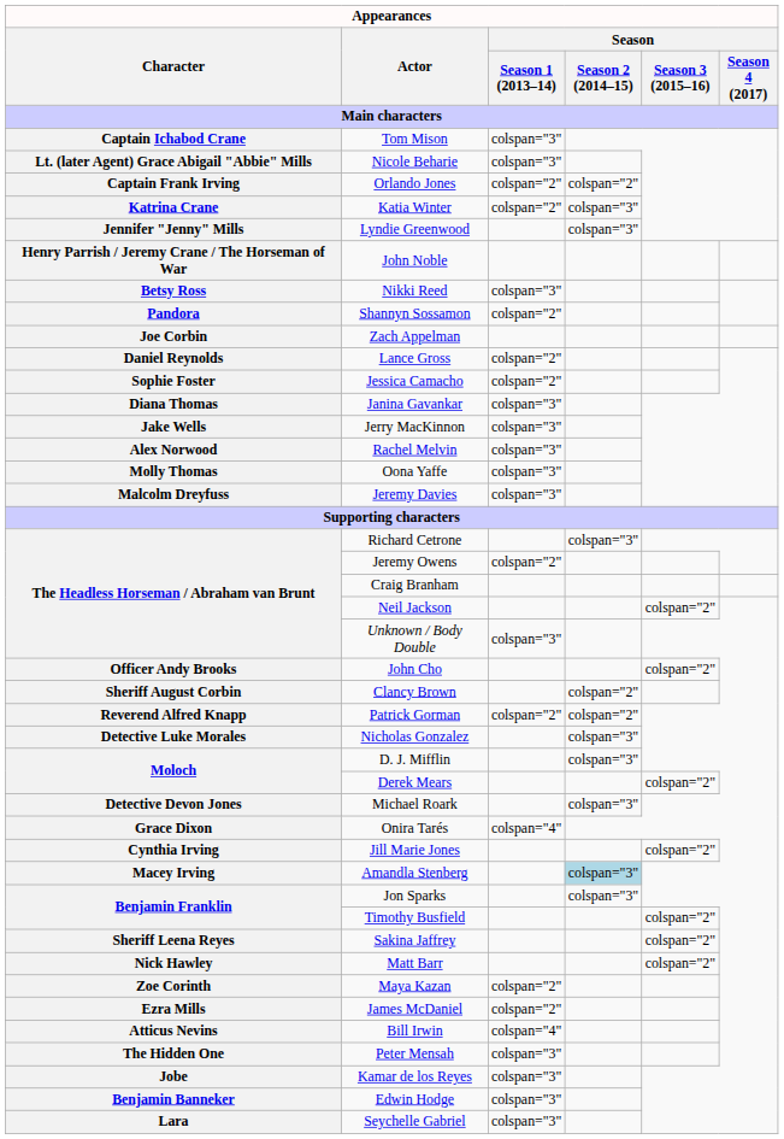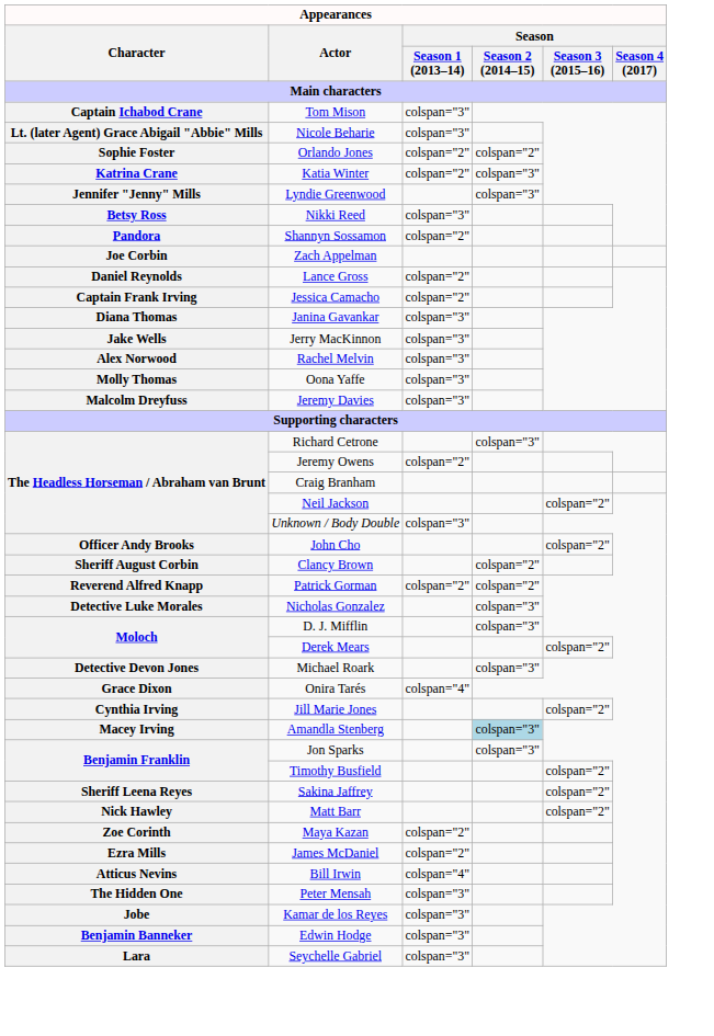 <table class="wikitable collapsible" style="text-align:center;width=100%">
 <tr>
 <th colspan="6" style="background:#FFFAFA;"><strong>Appearances</strong></th>
 </tr>
 <tr>
 <th rowspan="2">Character</th>
 <th rowspan="2">Actor</th>
 <th colspan="4" style="text-align:center;">Season</th>
 </tr>
 <tr>
 <th style="text-align:center;"><a href='#'>Season 1</a><br>(2013–14)</th>
 <th style="text-align:center;"><a href='#'>Season 2</a><br>(2014–15)</th>
 <th style="text-align:center;"><a href='#'>Season 3</a><br>(2015–16)</th>
 <th style="text-align:center;"><a href='#'>Season 4</a><br>(2017)</th>
 </tr>
 <tr>
 <th colspan="6" style="background:#ccf;">Main characters</th>
 </tr>
 <tr>
 <th>Captain <a href='#'>Ichabod Crane</a></th>
 <td><a href='#'>Tom Mison</a></td>
 <td>colspan="3" </td>
 </tr>
 <tr>
 <th>Lt. (later Agent) Grace Abigail "Abbie" Mills</th>
 <td><a href='#'>Nicole Beharie</a></td>
 <td>colspan="3" </td>
 <td></td>
 </tr>
 <tr>
-<th>Captain Frank Irving</th>
+<th>Sophie Foster</th>
 <td><a href='#'>Orlando Jones</a></td>
 <td>colspan="2" </td>
 <td>colspan="2" </td>
 </tr>
 <tr>
 <th><a href='#'>Katrina Crane</a></th>
 <td><a href='#'>Katia Winter</a></td>
 <td>colspan="2" </td>
 <td>colspan="3" </td>
 </tr>
 <tr>
 <th>Jennifer "Jenny" Mills</th>
 <td><a href='#'>Lyndie Greenwood</a></td>
 <td></td>
 <td>colspan="3" </td>
-</tr>
-<tr>
-<th>Henry Parrish / Jeremy Crane / The Horseman of War</th>
-<td><a href='#'>John Noble</a></td>
-<td></td>
-<td></td>
-<td></td>
-<td></td>
 </tr>
 <tr>
 <th><a href='#'>Betsy Ross</a></th>
 <td><a href='#'>Nikki Reed</a></td>
 <td>colspan="3" </td>
 <td></td>
 <td></td>
 </tr>
 <tr>
 <th><a href='#'>Pandora</a></th>
 <td><a href='#'>Shannyn Sossamon</a></td>
 <td>colspan="2" </td>
 <td></td>
 <td></td>
 </tr>
 <tr>
 <th>Joe Corbin</th>
 <td><a href='#'>Zach Appelman</a></td>
 <td></td>
 <td></td>
 <td></td>
 <td></td>
 </tr>
 <tr>
 <th>Daniel Reynolds</th>
 <td><a href='#'>Lance Gross</a></td>
 <td>colspan="2" </td>
 <td></td>
 <td></td>
 </tr>
 <tr>
-<th>Sophie Foster</th>
+<th>Captain Frank Irving</th>
 <td><a href='#'>Jessica Camacho</a></td>
 <td>colspan="2" </td>
 <td></td>
 <td></td>
 </tr>
 <tr>
 <th>Diana Thomas</th>
 <td><a href='#'>Janina Gavankar</a></td>
 <td>colspan="3" </td>
 <td></td>
 </tr>
 <tr>
 <th>Jake Wells</th>
 <td>Jerry MacKinnon</td>
 <td>colspan="3" </td>
 <td></td>
 </tr>
 <tr>
 <th>Alex Norwood</th>
 <td><a href='#'>Rachel Melvin</a></td>
 <td>colspan="3" </td>
 <td></td>
 </tr>
 <tr>
 <th>Molly Thomas</th>
 <td>Oona Yaffe</td>
 <td>colspan="3" </td>
 <td></td>
 </tr>
 <tr>
 <th>Malcolm Dreyfuss</th>
 <td><a href='#'>Jeremy Davies</a></td>
 <td>colspan="3" </td>
 <td></td>
 </tr>
 <tr>
 <th colspan="6" style="background:#ccf;">Supporting characters</th>
 </tr>
 <tr>
 <th rowspan="5">The <a href='#'>Headless Horseman</a> / Abraham van Brunt</th>
 <td>Richard Cetrone</td>
 <td></td>
 <td>colspan="3" </td>
 </tr>
 <tr>
 <td>Jeremy Owens</td>
 <td>colspan="2" </td>
 <td></td>
 <td></td>
 </tr>
 <tr>
 <td>Craig Branham</td>
 <td></td>
 <td></td>
 <td></td>
 <td></td>
 </tr>
 <tr>
 <td><a href='#'>Neil Jackson</a></td>
 <td></td>
 <td></td>
 <td>colspan="2" </td>
 </tr>
 <tr>
 <td><em>Unknown / Body Double</em></td>
 <td>colspan="3" </td>
 <td></td>
 </tr>
 <tr>
 <th>Officer Andy Brooks</th>
 <td><a href='#'>John Cho</a></td>
 <td></td>
 <td></td>
 <td>colspan="2" </td>
 </tr>
 <tr>
 <th>Sheriff August Corbin</th>
 <td><a href='#'>Clancy Brown</a></td>
 <td></td>
 <td>colspan="2" </td>
 <td></td>
 </tr>
 <tr>
 <th>Reverend Alfred Knapp</th>
 <td><a href='#'>Patrick Gorman</a></td>
 <td>colspan="2" </td>
 <td>colspan="2" </td>
 </tr>
 <tr>
 <th>Detective Luke Morales</th>
 <td><a href='#'>Nicholas Gonzalez</a></td>
 <td></td>
 <td>colspan="3" </td>
 </tr>
 <tr>
 <th rowspan="2"><a href='#'>Moloch</a></th>
 <td>D. J. Mifflin</td>
 <td></td>
 <td>colspan="3" </td>
 </tr>
 <tr>
 <td><a href='#'>Derek Mears</a></td>
 <td></td>
 <td></td>
 <td>colspan="2" </td>
 </tr>
 <tr>
 <th>Detective Devon Jones</th>
 <td>Michael Roark</td>
 <td></td>
 <td>colspan="3" </td>
 </tr>
 <tr>
 <th>Grace Dixon</th>
 <td>Onira Tarés</td>
 <td>colspan="4" </td>
 </tr>
 <tr>
 <th>Cynthia Irving</th>
 <td><a href='#'>Jill Marie Jones</a></td>
 <td></td>
 <td></td>
 <td>colspan="2" </td>
 </tr>
 <tr>
 <th>Macey Irving</th>
 <td><a href='#'>Amandla Stenberg</a></td>
 <td></td>
 <td style="background: lightblue;">colspan="3" </td>
 </tr>
 <tr>
 <th rowspan="2"><a href='#'>Benjamin Franklin</a></th>
 <td>Jon Sparks</td>
 <td></td>
 <td>colspan="3" </td>
 </tr>
 <tr>
 <td><a href='#'>Timothy Busfield</a></td>
 <td></td>
 <td></td>
 <td>colspan="2" </td>
 </tr>
 <tr>
 <th>Sheriff Leena Reyes</th>
 <td><a href='#'>Sakina Jaffrey</a></td>
 <td></td>
 <td></td>
 <td>colspan="2" </td>
 </tr>
 <tr>
 <th>Nick Hawley</th>
 <td><a href='#'>Matt Barr</a></td>
 <td></td>
 <td></td>
 <td>colspan="2" </td>
 </tr>
 <tr>
 <th>Zoe Corinth</th>
 <td><a href='#'>Maya Kazan</a></td>
 <td>colspan="2" </td>
 <td></td>
 <td></td>
 </tr>
 <tr>
 <th>Ezra Mills</th>
 <td><a href='#'>James McDaniel</a></td>
 <td>colspan="2" </td>
 <td></td>
 <td></td>
 </tr>
 <tr>
 <th>Atticus Nevins</th>
 <td><a href='#'>Bill Irwin</a></td>
 <td>colspan="4" </td>
 <td></td>
 <td></td>
 </tr>
 <tr>
 <th>The Hidden One</th>
 <td><a href='#'>Peter Mensah</a></td>
 <td>colspan="3" </td>
 <td></td>
 <td></td>
 </tr>
 <tr>
 <th>Jobe</th>
 <td><a href='#'>Kamar de los Reyes</a></td>
 <td>colspan="3" </td>
 <td></td>
 </tr>
 <tr>
 <th><a href='#'>Benjamin Banneker</a></th>
 <td><a href='#'>Edwin Hodge</a></td>
 <td>colspan="3" </td>
 <td></td>
 </tr>
 <tr>
 <th>Lara</th>
 <td><a href='#'>Seychelle Gabriel</a></td>
 <td>colspan="3" </td>
 <td></td>
 </tr>
 </table>
